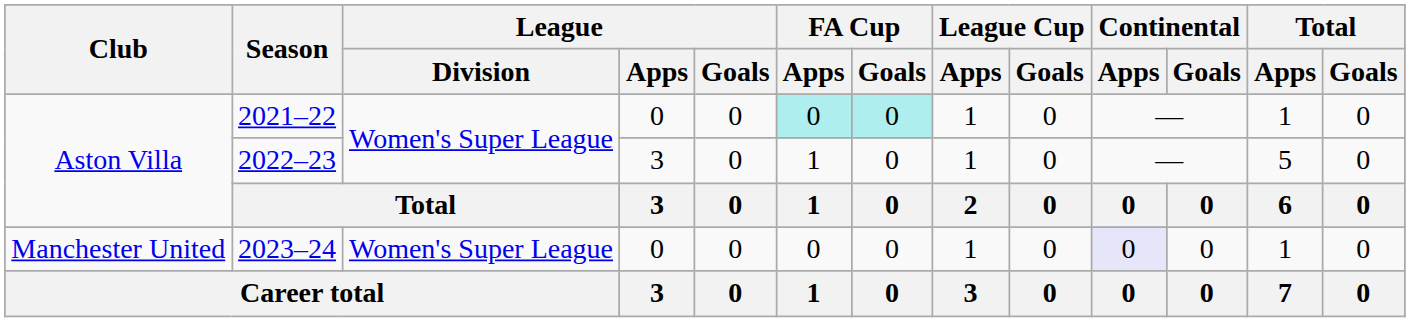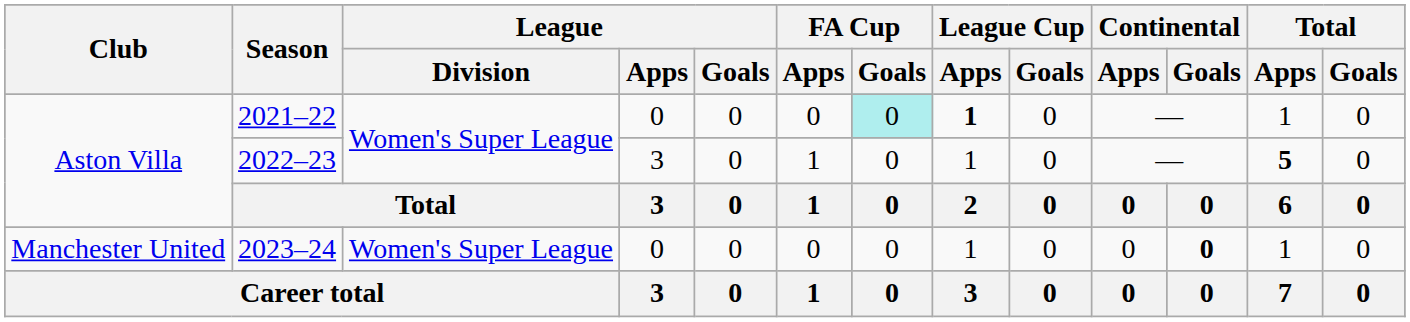 <table class="wikitable" style="text-align:center">
 <tr>
 <th rowspan="2">Club</th>
 <th rowspan="2">Season</th>
 <th colspan="3">League</th>
 <th colspan="2">FA Cup</th>
 <th colspan="2">League Cup</th>
 <th colspan="2">Continental</th>
 <th colspan="2">Total</th>
 </tr>
 <tr>
 <th>Division</th>
 <th>Apps</th>
 <th>Goals</th>
 <th>Apps</th>
 <th>Goals</th>
 <th>Apps</th>
 <th>Goals</th>
 <th>Apps</th>
 <th>Goals</th>
 <th>Apps</th>
 <th>Goals</th>
 </tr>
 <tr>
 <td rowspan="3"><a href='#'>Aston Villa</a></td>
 <td><a href='#'>2021–22</a></td>
 <td rowspan="2"><a href='#'>Women's Super League</a></td>
 <td>0</td>
 <td>0</td>
+<td>0</td>
 <td style="background: paleturquoise;">0</td>
-<td style="background: paleturquoise;">0</td>
-<td>1</td>
+<td><strong>1</strong></td>
 <td>0</td>
 <td colspan="2">—</td>
 <td>1</td>
 <td>0</td>
 </tr>
 <tr>
 <td><a href='#'>2022–23</a></td>
 <td>3</td>
 <td>0</td>
 <td>1</td>
 <td>0</td>
 <td>1</td>
 <td>0</td>
 <td colspan="2">—</td>
-<td>5</td>
+<td><strong>5</strong></td>
 <td>0</td>
 </tr>
 <tr>
 <th colspan="2">Total</th>
 <th>3</th>
 <th>0</th>
 <th>1</th>
 <th>0</th>
 <th>2</th>
 <th>0</th>
 <th>0</th>
 <th>0</th>
 <th>6</th>
 <th>0</th>
 </tr>
 <tr>
 <td><a href='#'>Manchester United</a></td>
 <td><a href='#'>2023–24</a></td>
 <td><a href='#'>Women's Super League</a></td>
 <td>0</td>
 <td>0</td>
 <td>0</td>
 <td>0</td>
 <td>1</td>
 <td>0</td>
-<td style="background: lavender;">0</td>
 <td>0</td>
+<td><strong>0</strong></td>
 <td>1</td>
 <td>0</td>
 </tr>
 <tr>
 <th colspan="3">Career total</th>
 <th>3</th>
 <th>0</th>
 <th>1</th>
 <th>0</th>
 <th>3</th>
 <th>0</th>
 <th>0</th>
 <th>0</th>
 <th>7</th>
 <th>0</th>
 </tr>
 </table>
